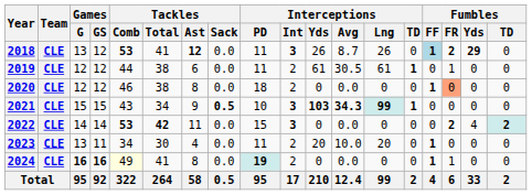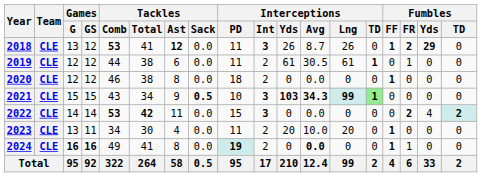 <table class="wikitable" style="text-align: center;">
 <tr>
 <th rowspan="2">Year</th>
 <th rowspan="2">Team</th>
 <th colspan="2">Games</th>
 <th colspan="4">Tackles</th>
 <th colspan="6">Interceptions</th>
 <th colspan="4">Fumbles</th>
 </tr>
 <tr>
 <th>G</th>
 <th>GS</th>
 <th>Comb</th>
 <th>Total</th>
 <th>Ast</th>
 <th>Sack</th>
 <th>PD</th>
 <th>Int</th>
 <th>Yds</th>
 <th>Avg</th>
 <th>Lng</th>
 <th>TD</th>
 <th>FF</th>
 <th>FR</th>
 <th>Yds</th>
 <th>TD</th>
 </tr>
 <tr>
 <th><a href='#'>2018</a></th>
 <th><a href='#'>CLE</a></th>
 <td>13</td>
 <td>12</td>
 <td><strong>53</strong></td>
 <td>41</td>
 <td><strong>12</strong></td>
 <td>0.0</td>
 <td>11</td>
 <td><strong>3</strong></td>
 <td>26</td>
 <td>8.7</td>
 <td>26</td>
 <td>0</td>
-<td style="background: lightblue;"><strong>1</strong></td>
+<td><strong>1</strong></td>
 <td><strong>2</strong></td>
 <td><strong>29</strong></td>
 <td>0</td>
 </tr>
 <tr>
 <th><a href='#'>2019</a></th>
 <th><a href='#'>CLE</a></th>
 <td>12</td>
 <td>12</td>
 <td>44</td>
 <td>38</td>
 <td>6</td>
 <td>0.0</td>
 <td>11</td>
 <td>2</td>
 <td>61</td>
 <td>30.5</td>
 <td>61</td>
 <td><strong>1</strong></td>
 <td>0</td>
 <td>1</td>
 <td>0</td>
 <td>0</td>
 </tr>
 <tr>
 <th><a href='#'>2020</a></th>
 <th><a href='#'>CLE</a></th>
 <td>12</td>
 <td>12</td>
 <td>46</td>
 <td>38</td>
 <td>8</td>
 <td>0.0</td>
 <td>18</td>
 <td>2</td>
 <td>0</td>
 <td>0.0</td>
 <td>0</td>
 <td>0</td>
 <td><strong>1</strong></td>
-<td style="background: lightsalmon;">0</td>
+<td>0</td>
 <td>0</td>
 <td>0</td>
 </tr>
 <tr>
 <th><a href='#'>2021</a></th>
 <th><a href='#'>CLE</a></th>
 <td>15</td>
 <td>15</td>
 <td>43</td>
 <td>34</td>
 <td>9</td>
 <td><strong>0.5</strong></td>
 <td>10</td>
 <td><strong>3</strong></td>
 <td><strong>103</strong></td>
 <td><strong>34.3</strong></td>
 <td style="background:#cfecec; width:3em;"><strong>99</strong></td>
-<td><strong>1</strong></td>
+<td style="background: lightgreen;"><strong>1</strong></td>
 <td>0</td>
 <td>0</td>
 <td>0</td>
 <td>0</td>
 </tr>
 <tr>
 <th><a href='#'>2022</a></th>
 <th><a href='#'>CLE</a></th>
 <td>14</td>
 <td>14</td>
 <td><strong>53</strong></td>
 <td><strong>42</strong></td>
 <td>11</td>
 <td>0.0</td>
 <td>15</td>
 <td><strong>3</strong></td>
 <td>0</td>
 <td>0.0</td>
 <td>0</td>
 <td>0</td>
 <td>0</td>
 <td><strong>2</strong></td>
 <td>4</td>
 <td style="background:#cfecec; width:3em;"><strong>2</strong></td>
 </tr>
 <tr>
 <th><a href='#'>2023</a></th>
 <th><a href='#'>CLE</a></th>
 <td>13</td>
 <td>11</td>
 <td>34</td>
 <td>30</td>
 <td>4</td>
 <td>0.0</td>
 <td>11</td>
 <td>2</td>
 <td>20</td>
 <td>10.0</td>
 <td>20</td>
 <td>0</td>
 <td><strong>1</strong></td>
 <td>0</td>
 <td>0</td>
 <td>0</td>
 </tr>
 <tr>
 <th><a href='#'>2024</a></th>
 <th><a href='#'>CLE</a></th>
 <td><strong>16</strong></td>
 <td><strong>16</strong></td>
-<td style="background: lightyellow;">49</td>
+<td>49</td>
 <td>41</td>
 <td>8</td>
 <td>0.0</td>
 <td style="background:#cfecec; width:3em;"><strong>19</strong></td>
 <td>2</td>
 <td>0</td>
-<td>0.0</td>
+<td><strong>0.0</strong></td>
 <td>0</td>
 <td>0</td>
 <td><strong>1</strong></td>
 <td>1</td>
 <td>0</td>
 <td>0</td>
 </tr>
 <tr>
 <th colspan="2">Total</th>
 <th>95</th>
 <th>92</th>
 <th>322</th>
 <th>264</th>
 <th>58</th>
 <th>0.5</th>
 <th>95</th>
 <th>17</th>
 <th>210</th>
 <th>12.4</th>
 <th>99</th>
 <th>2</th>
 <th>4</th>
 <th>6</th>
 <th>33</th>
 <th>2</th>
 </tr>
 </table>
